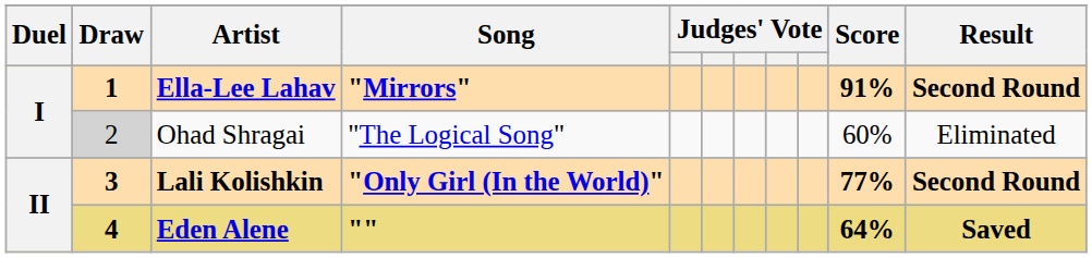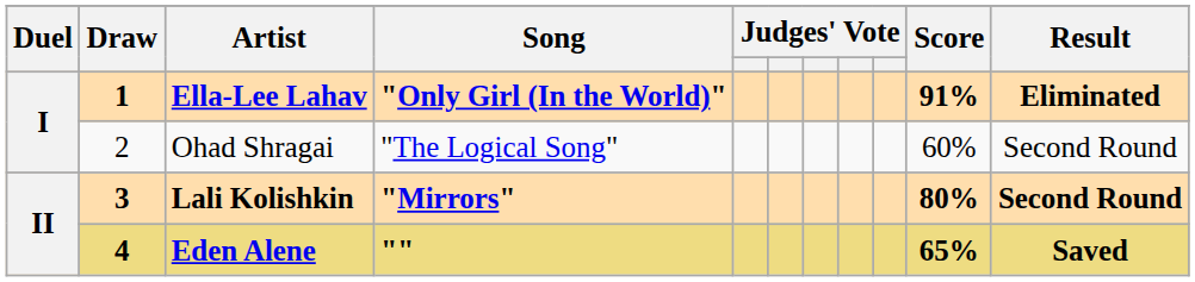 <table class="sortable wikitable" style="margin: 1em auto 1em auto; text-align:center; font-size:90%; line-height:18px;">
 <tr>
 </tr>
 <tr>
 <th rowspan="2" class="unsortable">Duel</th>
 <th rowspan="2">Draw</th>
 <th rowspan="2">Artist</th>
 <th rowspan="2">Song</th>
 <th colspan="5" class="unsortable">Judges' Vote</th>
 <th rowspan="2">Score</th>
 <th rowspan="2">Result</th>
 </tr>
 <tr>
 <th class="unsortable"></th>
 <th class="unsortable"></th>
 <th class="unsortable"></th>
 <th class="unsortable"></th>
 <th class="unsortable"></th>
 </tr>
 <tr style="font-weight:bold; background:navajowhite;">
 <th rowspan="2">I</th>
 <td>1</td>
 <td align="left"><a href='#'>Ella-Lee Lahav</a></td>
-<td align="left">"<a href='#'>Mirrors</a>"</td>
+<td align="left">"<a href='#'>Only Girl (In the World)</a>"</td>
 <td></td>
 <td></td>
 <td></td>
 <td></td>
 <td></td>
 <td>91%</td>
-<td>Second Round</td>
+<td>Eliminated</td>
 </tr>
 <tr>
-<td style="background: lightgrey;">2</td>
+<td>2</td>
 <td align="left">Ohad Shragai</td>
 <td align="left">"<a href='#'>The Logical Song</a>"</td>
 <td></td>
 <td></td>
 <td></td>
 <td></td>
 <td></td>
 <td>60%</td>
-<td>Eliminated</td>
+<td>Second Round</td>
 </tr>
 <tr style="font-weight:bold; background:navajowhite;">
 <th rowspan="2">II</th>
 <td>3</td>
 <td align="left">Lali Kolishkin</td>
-<td align="left">"<a href='#'>Only Girl (In the World)</a>"</td>
+<td align="left">"<a href='#'>Mirrors</a>"</td>
 <td></td>
 <td></td>
 <td></td>
 <td></td>
 <td></td>
-<td>77%</td>
+<td>80%</td>
 <td>Second Round</td>
 </tr>
 <tr style="font-weight:bold; background:#eedc82;">
 <td>4</td>
 <td align="left"><a href='#'>Eden Alene</a></td>
 <td align="left">""</td>
 <td></td>
 <td></td>
 <td></td>
 <td></td>
 <td></td>
-<td>64%</td>
+<td>65%</td>
 <td>Saved</td>
 </tr>
 </table>
